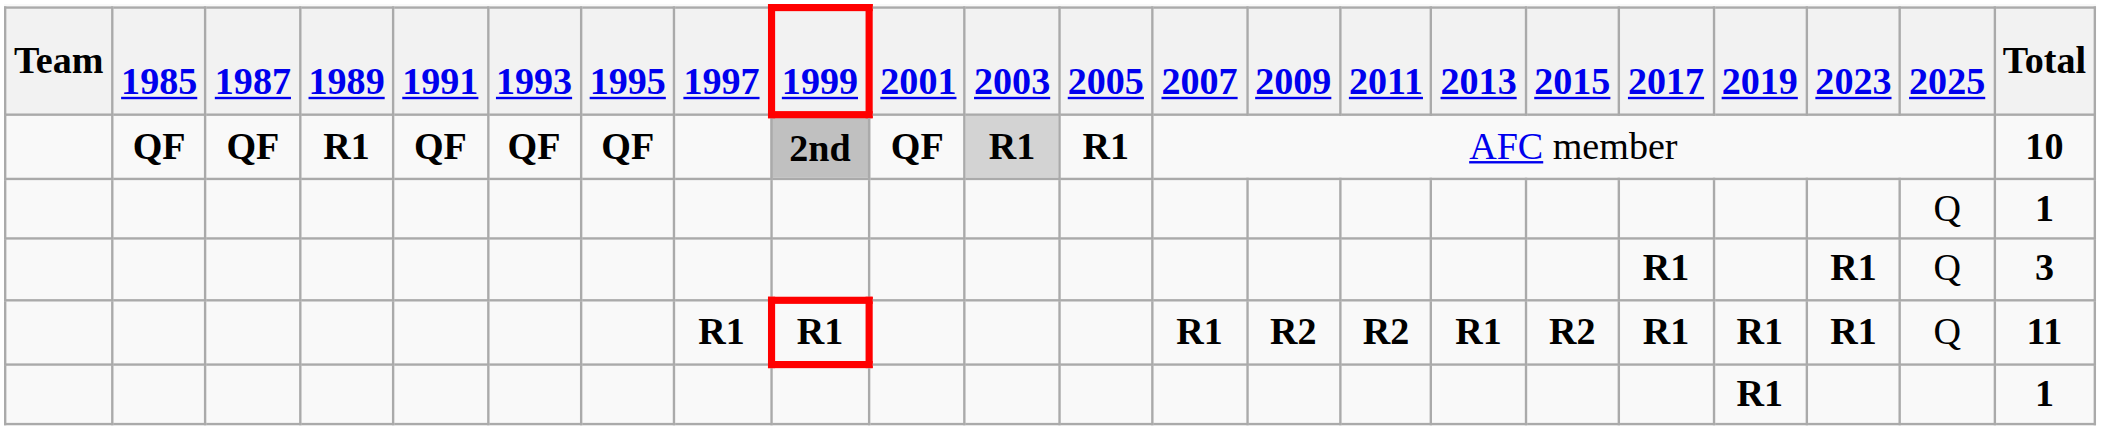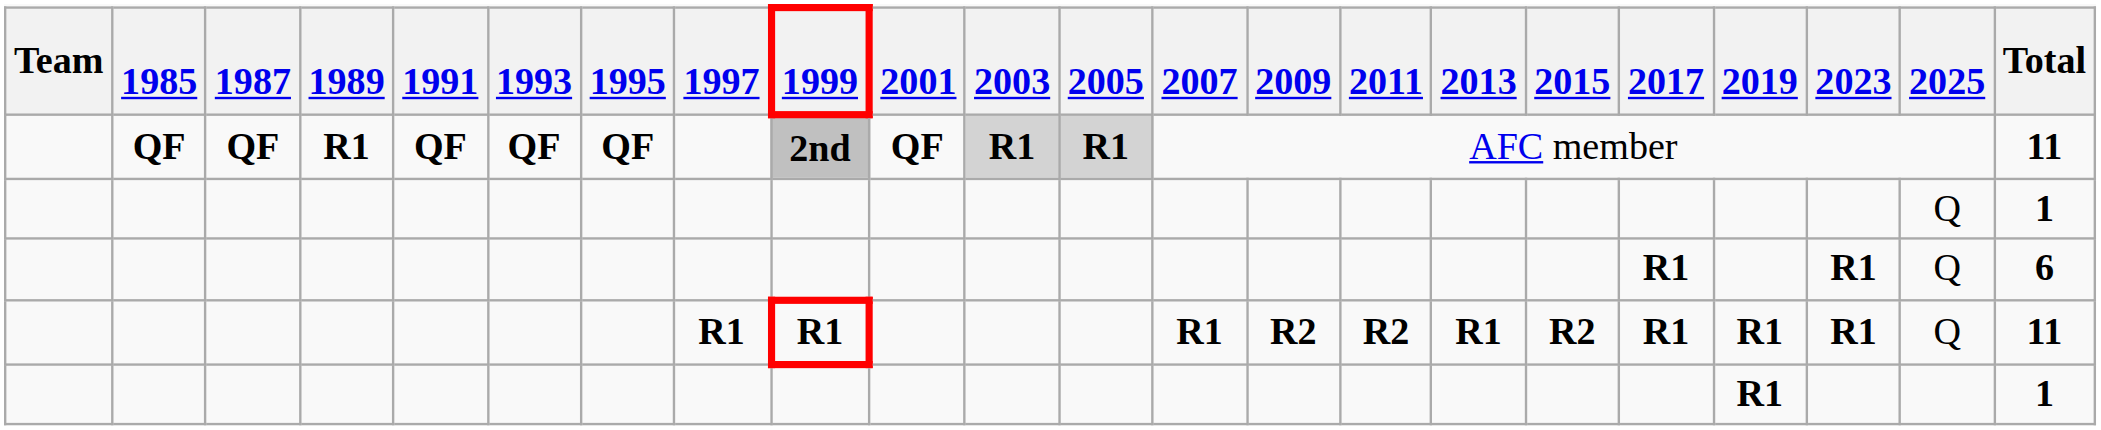 <table class="wikitable" style="text-align:center">
 <tr>
 <th>Team</th>
 <th><br><a href='#'>1985</a></th>
 <th><br><a href='#'>1987</a></th>
 <th><br><a href='#'>1989</a></th>
 <th><br><a href='#'>1991</a></th>
 <th><br><a href='#'>1993</a></th>
 <th><br><a href='#'>1995</a></th>
 <th><br><a href='#'>1997</a></th>
 <th style="border:3px solid red"><br><a href='#'>1999</a></th>
 <th><br><a href='#'>2001</a></th>
 <th><br><a href='#'>2003</a></th>
 <th><br><a href='#'>2005</a></th>
 <th><br><a href='#'>2007</a></th>
 <th><br><a href='#'>2009</a></th>
 <th><br><a href='#'>2011</a></th>
 <th><br><a href='#'>2013</a></th>
 <th><br><a href='#'>2015</a></th>
 <th><br><a href='#'>2017</a></th>
 <th><br><a href='#'>2019</a></th>
 <th><br><a href='#'>2023</a></th>
 <th><br><a href='#'>2025</a></th>
 <th>Total</th>
 </tr>
 <tr>
 <td align=left></td>
 <td><strong>QF</strong></td>
 <td><strong>QF</strong></td>
 <td><strong>R1</strong></td>
 <td><strong>QF</strong></td>
 <td><strong>QF</strong></td>
 <td><strong>QF</strong></td>
 <td></td>
 <td bgcolor="silver"><strong>2nd</strong></td>
 <td><strong>QF</strong></td>
 <td style="background: lightgrey;"><strong>R1</strong></td>
-<td><strong>R1</strong></td>
+<td style="background: lightgrey;"><strong>R1</strong></td>
 <td colspan="9"><a href='#'>AFC</a> member</td>
-<td><strong>10</strong></td>
+<td><strong>11</strong></td>
 </tr>
 <tr>
 <td align=left></td>
 <td></td>
 <td></td>
 <td></td>
 <td></td>
 <td></td>
 <td></td>
 <td></td>
 <td></td>
 <td></td>
 <td></td>
 <td></td>
 <td></td>
 <td></td>
 <td></td>
 <td></td>
 <td></td>
 <td></td>
 <td></td>
 <td></td>
 <td>Q</td>
 <td><strong>1</strong></td>
 </tr>
 <tr>
 <td align=left></td>
 <td></td>
 <td></td>
 <td></td>
 <td></td>
 <td></td>
 <td></td>
 <td></td>
 <td></td>
 <td></td>
 <td></td>
 <td></td>
 <td></td>
 <td></td>
 <td></td>
 <td></td>
 <td></td>
 <td><strong>R1</strong></td>
 <td></td>
 <td><strong>R1</strong></td>
 <td>Q</td>
-<td><strong>3</strong></td>
+<td><strong>6</strong></td>
 </tr>
 <tr>
 <td align=left></td>
 <td></td>
 <td></td>
 <td></td>
 <td></td>
 <td></td>
 <td></td>
 <td><strong>R1</strong></td>
 <td style="border: 3px solid red"><strong>R1</strong></td>
 <td></td>
 <td></td>
 <td></td>
 <td><strong>R1</strong></td>
 <td><strong>R2</strong></td>
 <td><strong>R2</strong></td>
 <td><strong>R1</strong></td>
 <td><strong>R2</strong></td>
 <td><strong>R1</strong></td>
 <td><strong>R1</strong></td>
 <td><strong>R1</strong></td>
 <td>Q</td>
 <td><strong>11</strong></td>
 </tr>
 <tr>
 <td align=left></td>
 <td></td>
 <td></td>
 <td></td>
 <td></td>
 <td></td>
 <td></td>
 <td></td>
 <td></td>
 <td></td>
 <td></td>
 <td></td>
 <td></td>
 <td></td>
 <td></td>
 <td></td>
 <td></td>
 <td></td>
 <td><strong>R1</strong></td>
 <td></td>
 <td></td>
 <td><strong>1</strong></td>
 </tr>
 </table>
